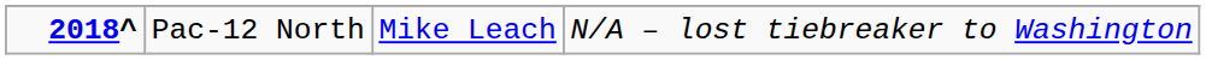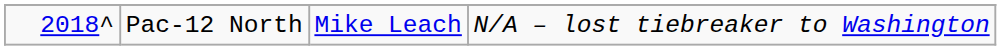 <table class=wikitable style="text-align:center">
 <tr>
 </tr>
 <tr>
-<td><strong>  <a href='#'>2018</a>^</strong></td>
+<td>  <a href='#'>2018</a>^</td>
 <td>Pac-12 North</td>
 <td align=left><a href='#'>Mike Leach</a></td>
 <td colspan="2"><em>N/A – lost tiebreaker to <a href='#'>Washington</a></em></td>
 </tr>
 </table>
